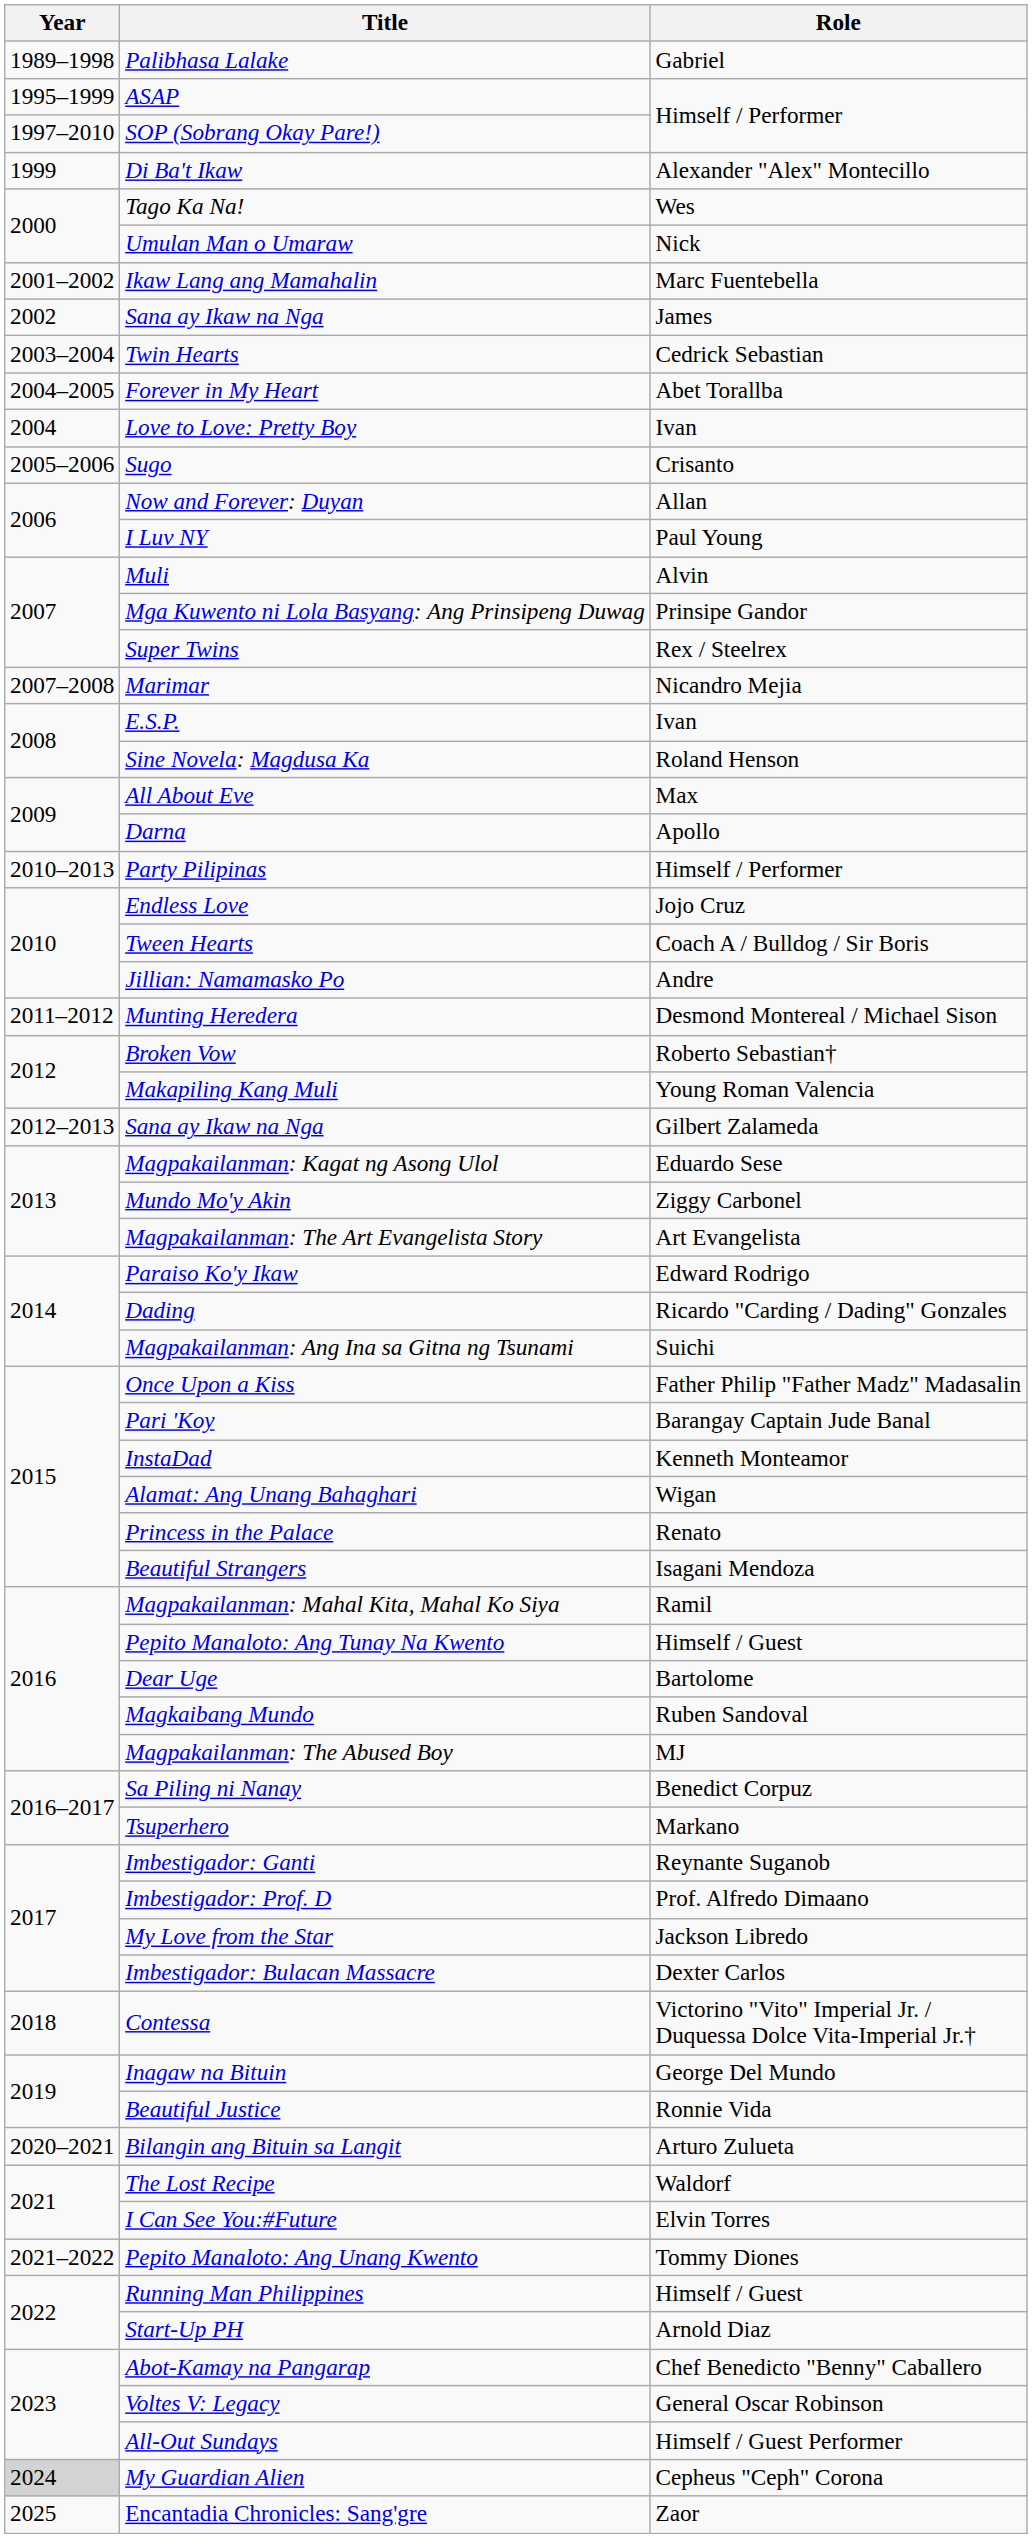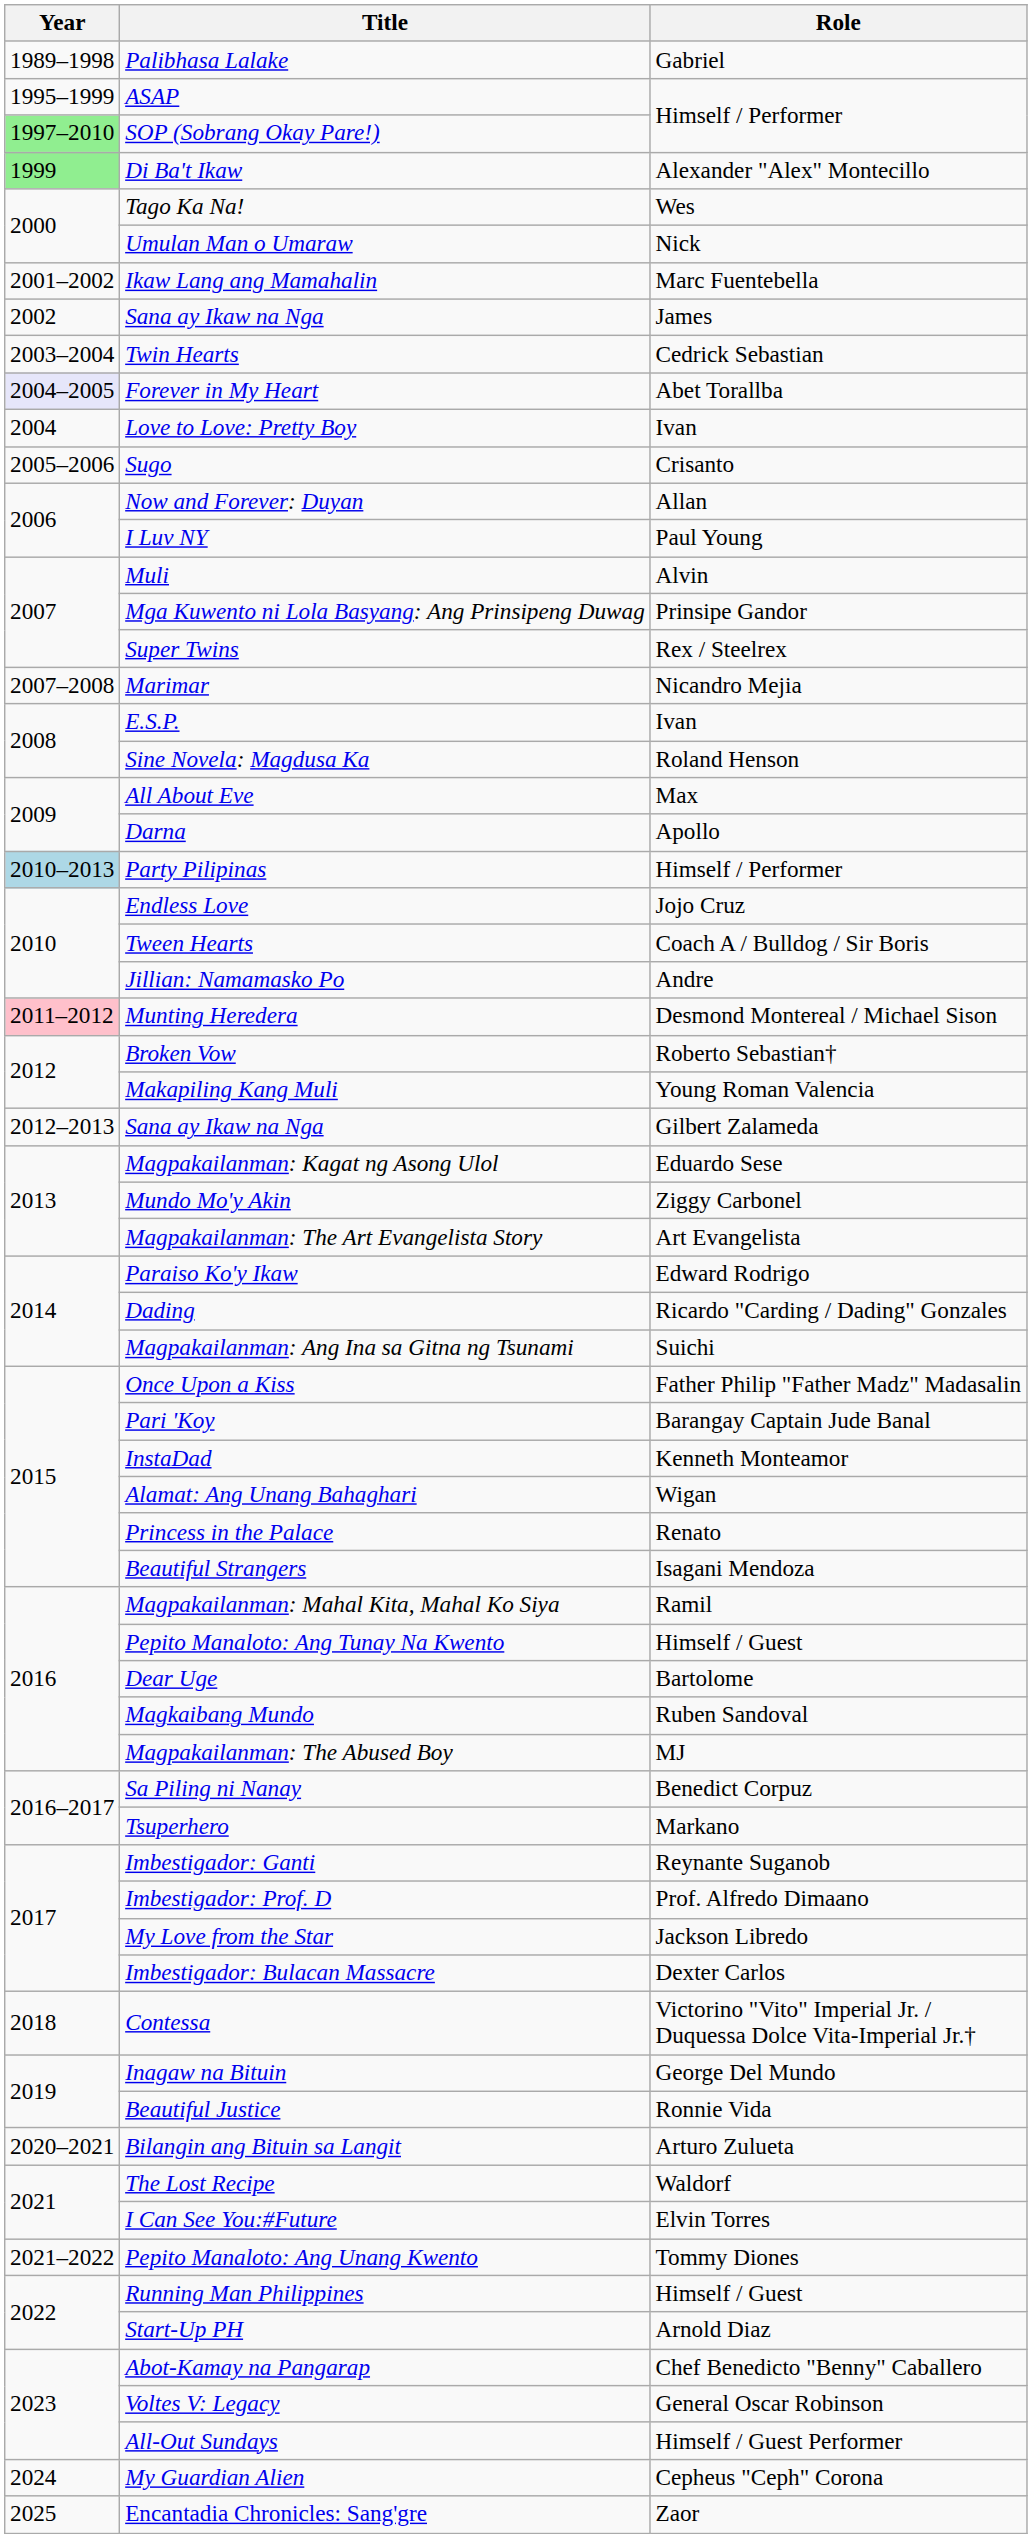 <table class="wikitable">
 <tr>
 <th>Year</th>
 <th>Title</th>
 <th>Role</th>
 </tr>
 <tr>
 <td>1989–1998</td>
 <td><em><a href='#'>Palibhasa Lalake</a></em></td>
 <td>Gabriel</td>
 </tr>
 <tr>
 <td>1995–1999</td>
 <td><em><a href='#'>ASAP</a></em></td>
 <td rowspan="2">Himself / Performer</td>
 </tr>
 <tr>
-<td>1997–2010</td>
+<td style="background: lightgreen;">1997–2010</td>
 <td><em><a href='#'>SOP (Sobrang Okay Pare!)</a></em></td>
 </tr>
 <tr>
-<td>1999</td>
+<td style="background: lightgreen;">1999</td>
 <td><em><a href='#'>Di Ba't Ikaw</a></em></td>
 <td>Alexander "Alex" Montecillo</td>
 </tr>
 <tr>
 <td rowspan="2">2000</td>
 <td><em>Tago Ka Na!</em></td>
 <td>Wes</td>
 </tr>
 <tr>
 <td><em><a href='#'>Umulan Man o Umaraw</a></em></td>
 <td>Nick</td>
 </tr>
 <tr>
 <td>2001–2002</td>
 <td><em><a href='#'>Ikaw Lang ang Mamahalin</a></em></td>
 <td>Marc Fuentebella</td>
 </tr>
 <tr>
 <td>2002</td>
 <td><em><a href='#'>Sana ay Ikaw na Nga</a></em></td>
 <td>James</td>
 </tr>
 <tr>
 <td>2003–2004</td>
 <td><em><a href='#'>Twin Hearts</a></em></td>
 <td>Cedrick Sebastian</td>
 </tr>
 <tr>
-<td>2004–2005</td>
+<td style="background: lavender;">2004–2005</td>
 <td><em><a href='#'>Forever in My Heart</a></em></td>
 <td>Abet Torallba</td>
 </tr>
 <tr>
 <td>2004</td>
 <td><em><a href='#'>Love to Love: Pretty Boy</a></em></td>
 <td>Ivan</td>
 </tr>
 <tr>
 <td>2005–2006</td>
 <td><em><a href='#'>Sugo</a></em></td>
 <td>Crisanto</td>
 </tr>
 <tr>
 <td rowspan="2">2006</td>
 <td><em><a href='#'>Now and Forever</a>: <a href='#'>Duyan</a></em></td>
 <td>Allan</td>
 </tr>
 <tr>
 <td><em><a href='#'>I Luv NY</a></em></td>
 <td>Paul Young</td>
 </tr>
 <tr>
 <td rowspan="3">2007</td>
 <td><em><a href='#'>Muli</a></em></td>
 <td>Alvin</td>
 </tr>
 <tr>
 <td><em><a href='#'>Mga Kuwento ni Lola Basyang</a>: Ang Prinsipeng Duwag</em></td>
 <td>Prinsipe Gandor</td>
 </tr>
 <tr>
 <td><em><a href='#'>Super Twins</a></em></td>
 <td>Rex / Steelrex</td>
 </tr>
 <tr>
 <td>2007–2008</td>
 <td><em><a href='#'>Marimar</a></em></td>
 <td>Nicandro Mejia</td>
 </tr>
 <tr>
 <td rowspan="2">2008</td>
 <td><em><a href='#'>E.S.P.</a></em></td>
 <td>Ivan</td>
 </tr>
 <tr>
 <td><em><a href='#'>Sine Novela</a>: <a href='#'>Magdusa Ka</a></em></td>
 <td>Roland Henson</td>
 </tr>
 <tr>
 <td rowspan="2">2009</td>
 <td><em><a href='#'>All About Eve</a></em></td>
 <td>Max</td>
 </tr>
 <tr>
 <td><em><a href='#'>Darna</a></em></td>
 <td>Apollo</td>
 </tr>
 <tr>
-<td>2010–2013</td>
+<td style="background: lightblue;">2010–2013</td>
 <td><em><a href='#'>Party Pilipinas</a></em></td>
 <td>Himself / Performer</td>
 </tr>
 <tr>
 <td rowspan="3">2010</td>
 <td><em><a href='#'>Endless Love</a></em></td>
 <td>Jojo Cruz</td>
 </tr>
 <tr>
 <td><em><a href='#'>Tween Hearts</a></em></td>
 <td>Coach A / Bulldog / Sir Boris</td>
 </tr>
 <tr>
 <td><em><a href='#'>Jillian: Namamasko Po</a></em></td>
 <td>Andre</td>
 </tr>
 <tr>
-<td>2011–2012</td>
+<td style="background: pink;">2011–2012</td>
 <td><em><a href='#'>Munting Heredera</a></em></td>
 <td>Desmond Montereal / Michael Sison</td>
 </tr>
 <tr>
 <td rowspan="2">2012</td>
 <td><em><a href='#'>Broken Vow</a></em></td>
 <td>Roberto Sebastian†</td>
 </tr>
 <tr>
 <td><em><a href='#'>Makapiling Kang Muli</a></em></td>
 <td>Young Roman Valencia</td>
 </tr>
 <tr>
 <td>2012–2013</td>
 <td><em><a href='#'>Sana ay Ikaw na Nga</a></em></td>
 <td>Gilbert Zalameda</td>
 </tr>
 <tr>
 <td rowspan="3">2013</td>
 <td><em><a href='#'>Magpakailanman</a>: Kagat ng Asong Ulol</em></td>
 <td>Eduardo Sese</td>
 </tr>
 <tr>
 <td><em><a href='#'>Mundo Mo'y Akin</a></em></td>
 <td>Ziggy Carbonel</td>
 </tr>
 <tr>
 <td><em><a href='#'>Magpakailanman</a>: The Art Evangelista Story</em></td>
 <td>Art Evangelista</td>
 </tr>
 <tr>
 <td rowspan="3">2014</td>
 <td><em><a href='#'>Paraiso Ko'y Ikaw</a></em></td>
 <td>Edward Rodrigo</td>
 </tr>
 <tr>
 <td><em><a href='#'>Dading</a></em></td>
 <td>Ricardo "Carding / Dading" Gonzales</td>
 </tr>
 <tr>
 <td><em><a href='#'>Magpakailanman</a>: Ang Ina sa Gitna ng Tsunami</em></td>
 <td>Suichi</td>
 </tr>
 <tr>
 <td rowspan="6">2015</td>
 <td><em><a href='#'>Once Upon a Kiss</a></em></td>
 <td>Father Philip "Father Madz" Madasalin</td>
 </tr>
 <tr>
 <td><em><a href='#'>Pari 'Koy</a></em></td>
 <td>Barangay Captain Jude Banal</td>
 </tr>
 <tr>
 <td><em><a href='#'>InstaDad</a></em></td>
 <td>Kenneth Monteamor</td>
 </tr>
 <tr>
 <td><em><a href='#'>Alamat: Ang Unang Bahaghari</a></em></td>
 <td>Wigan</td>
 </tr>
 <tr>
 <td><em><a href='#'>Princess in the Palace</a></em></td>
 <td>Renato</td>
 </tr>
 <tr>
 <td><em><a href='#'>Beautiful Strangers</a></em></td>
 <td>Isagani Mendoza</td>
 </tr>
 <tr>
 <td rowspan="5">2016</td>
 <td><em><a href='#'>Magpakailanman</a>: Mahal Kita, Mahal Ko Siya</em></td>
 <td>Ramil</td>
 </tr>
 <tr>
 <td><em><a href='#'>Pepito Manaloto: Ang Tunay Na Kwento</a></em></td>
 <td>Himself / Guest</td>
 </tr>
 <tr>
 <td><em><a href='#'>Dear Uge</a></em></td>
 <td>Bartolome</td>
 </tr>
 <tr>
 <td><em><a href='#'>Magkaibang Mundo</a></em></td>
 <td>Ruben Sandoval</td>
 </tr>
 <tr>
 <td><em><a href='#'>Magpakailanman</a>: The Abused Boy</em></td>
 <td>MJ</td>
 </tr>
 <tr>
 <td rowspan="2">2016–2017</td>
 <td><em><a href='#'>Sa Piling ni Nanay</a></em></td>
 <td>Benedict Corpuz</td>
 </tr>
 <tr>
 <td><em><a href='#'>Tsuperhero</a></em></td>
 <td>Markano</td>
 </tr>
 <tr>
 <td rowspan="4">2017</td>
 <td><em><a href='#'>Imbestigador: Ganti</a></em></td>
 <td>Reynante Suganob</td>
 </tr>
 <tr>
 <td><em><a href='#'>Imbestigador: Prof. D</a></em></td>
 <td>Prof. Alfredo Dimaano</td>
 </tr>
 <tr>
 <td><em><a href='#'>My Love from the Star</a></em></td>
 <td>Jackson Libredo</td>
 </tr>
 <tr>
 <td><em><a href='#'>Imbestigador: Bulacan Massacre</a></em></td>
 <td>Dexter Carlos</td>
 </tr>
 <tr>
 <td>2018</td>
 <td><em><a href='#'>Contessa</a></em></td>
 <td>Victorino "Vito" Imperial Jr. / <br> Duquessa Dolce Vita-Imperial Jr.†</td>
 </tr>
 <tr>
 <td rowspan="2">2019</td>
 <td><em><a href='#'>Inagaw na Bituin</a></em></td>
 <td>George Del Mundo</td>
 </tr>
 <tr>
 <td><em><a href='#'>Beautiful Justice</a></em></td>
 <td>Ronnie Vida</td>
 </tr>
 <tr>
 <td>2020–2021</td>
 <td><em><a href='#'>Bilangin ang Bituin sa Langit</a></em></td>
 <td>Arturo Zulueta</td>
 </tr>
 <tr>
 <td rowspan="2">2021</td>
 <td><em><a href='#'>The Lost Recipe</a></em></td>
 <td>Waldorf</td>
 </tr>
 <tr>
 <td><em><a href='#'>I Can See You:#Future</a></em></td>
 <td>Elvin Torres</td>
 </tr>
 <tr>
 <td>2021–2022</td>
 <td><a href='#'><em>Pepito Manaloto: Ang Unang Kwento</em></a></td>
 <td>Tommy Diones</td>
 </tr>
 <tr>
 <td rowspan="2">2022</td>
 <td><em><a href='#'>Running Man Philippines</a></em></td>
 <td>Himself / Guest</td>
 </tr>
 <tr>
 <td><em><a href='#'>Start-Up PH</a></em></td>
 <td>Arnold Diaz</td>
 </tr>
 <tr>
 <td rowspan="3">2023</td>
 <td><em><a href='#'>Abot-Kamay na Pangarap</a></em></td>
 <td>Chef Benedicto "Benny" Caballero</td>
 </tr>
 <tr>
 <td><em><a href='#'>Voltes V: Legacy</a></em></td>
 <td>General Oscar Robinson</td>
 </tr>
 <tr>
 <td><em><a href='#'>All-Out Sundays</a></em></td>
 <td>Himself / Guest Performer</td>
 </tr>
 <tr>
-<td style="background: lightgrey;">2024</td>
+<td>2024</td>
 <td><em><a href='#'>My Guardian Alien</a></em></td>
 <td>Cepheus "Ceph" Corona</td>
 </tr>
 <tr>
 <td>2025</td>
 <td><a href='#'>Encantadia Chronicles: Sang'gre</a></td>
 <td>Zaor</td>
 </tr>
 </table>
